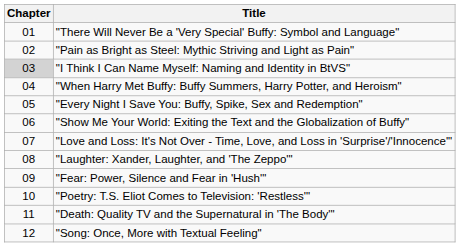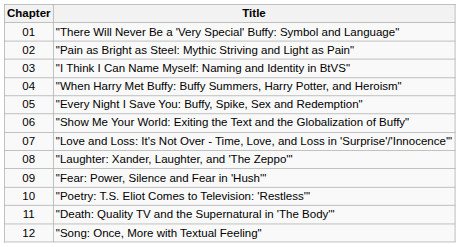 <table class="wikitable">
 <tr>
 <th>Chapter</th>
 <th>Title</th>
 </tr>
 <tr>
 <td style="text-align:center;">01</td>
 <td>"There Will Never Be a 'Very Special' Buffy: Symbol and Language"</td>
 </tr>
 <tr>
 <td style="text-align:center;">02</td>
 <td>"Pain as Bright as Steel: Mythic Striving and Light as Pain"</td>
 </tr>
 <tr>
-<td style="background: lightgrey; text-align:center;">03</td>
+<td style="text-align:center;">03</td>
 <td>"I Think I Can Name Myself: Naming and Identity in BtVS"</td>
 </tr>
 <tr>
 <td style="text-align:center;">04</td>
 <td>"When Harry Met Buffy: Buffy Summers, Harry Potter, and Heroism"</td>
 </tr>
 <tr>
 <td style="text-align:center;">05</td>
 <td>"Every Night I Save You: Buffy, Spike, Sex and Redemption"</td>
 </tr>
 <tr>
 <td style="text-align:center;">06</td>
 <td>"Show Me Your World: Exiting the Text and the Globalization of Buffy"</td>
 </tr>
 <tr>
 <td style="text-align:center;">07</td>
 <td>"Love and Loss: It's Not Over - Time, Love, and Loss in 'Surprise'/'Innocence'"</td>
 </tr>
 <tr>
 <td style="text-align:center;">08</td>
 <td>"Laughter: Xander, Laughter, and 'The Zeppo'"</td>
 </tr>
 <tr>
 <td style="text-align:center;">09</td>
 <td>"Fear: Power, Silence and Fear in 'Hush'"</td>
 </tr>
 <tr>
 <td style="text-align:center;">10</td>
 <td>"Poetry: T.S. Eliot Comes to Television: 'Restless'"</td>
 </tr>
 <tr>
 <td style="text-align:center;">11</td>
 <td>"Death: Quality TV and the Supernatural in 'The Body'"</td>
 </tr>
 <tr>
 <td style="text-align:center;">12</td>
 <td>"Song: Once, More with Textual Feeling"</td>
 </tr>
 </table>
